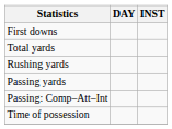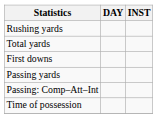 <table class="wikitable" style="float: left;">
 <tr>
 <th>Statistics</th>
 <th>DAY</th>
 <th>INST</th>
 </tr>
 <tr>
-<td>First downs</td>
+<td>Rushing yards</td>
 <td></td>
 <td></td>
 </tr>
 <tr>
 <td>Total yards</td>
 <td></td>
 <td></td>
 </tr>
 <tr>
-<td>Rushing yards</td>
+<td>First downs</td>
 <td></td>
 <td></td>
 </tr>
 <tr>
 <td>Passing yards</td>
 <td></td>
 <td></td>
 </tr>
 <tr>
 <td>Passing: Comp–Att–Int</td>
 <td></td>
 <td></td>
 </tr>
 <tr>
 <td>Time of possession</td>
 <td></td>
 <td></td>
 </tr>
 <tr>
 </tr>
 </table>
